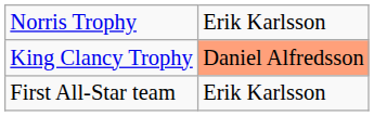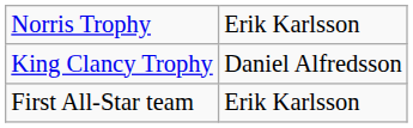 <table class="wikitable">
 <tr>
 <td><a href='#'>Norris Trophy</a></td>
 <td>Erik Karlsson</td>
 </tr>
 <tr>
 <td><a href='#'>King Clancy Trophy</a></td>
-<td style="background: lightsalmon;">Daniel Alfredsson</td>
+<td>Daniel Alfredsson</td>
 </tr>
 <tr>
 <td>First All-Star team</td>
 <td>Erik Karlsson</td>
 </tr>
 </table>
